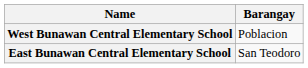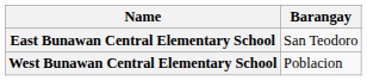 <table class="wikitable plainrowheaders" style="font-style:95%;">
 <tr>
 <th scope="col">Name</th>
 <th scope="col">Barangay</th>
 </tr>
 <tr>
+<th scope="row">East Bunawan Central Elementary School</th>
+<td>San Teodoro</td>
+</tr>
+<tr>
 <th scope="row">West Bunawan Central Elementary School</th>
 <td>Poblacion</td>
 </tr>
-<tr>
-<th scope="row">East Bunawan Central Elementary School</th>
-<td>San Teodoro</td>
-</tr>
 </table>
